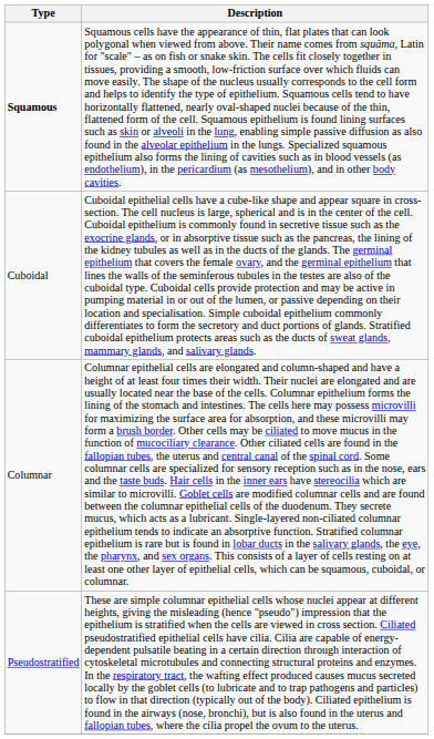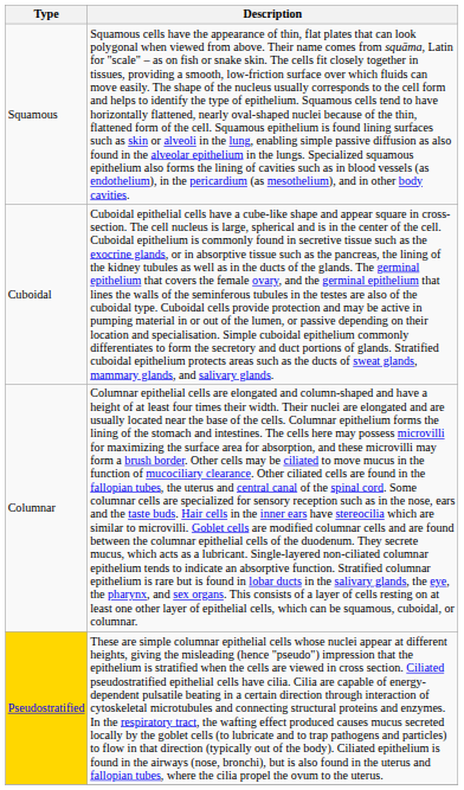 <table class="wikitable">
 <tr>
 <th>Type</th>
 <th>Description</th>
 </tr>
 <tr>
-<td><strong>Squamous</strong></td>
+<td>Squamous</td>
 <td>Squamous cells have the appearance of thin, flat plates that can look polygonal when viewed from above. Their name comes from  <em>squāma</em>, Latin for "scale" – as on fish or snake skin. The cells fit closely together in tissues, providing a smooth, low-friction surface over which fluids can move easily. The shape of the nucleus usually corresponds to the cell form and helps to identify the type of epithelium. Squamous cells tend to have horizontally flattened, nearly oval-shaped nuclei because of the thin, flattened form of the cell. Squamous epithelium is found lining surfaces such as <a href='#'>skin</a> or <a href='#'>alveoli</a> in the <a href='#'>lung</a>, enabling simple passive diffusion as also found in the <a href='#'>alveolar epithelium</a> in the lungs. Specialized squamous epithelium also forms the lining of cavities such as in blood vessels (as <a href='#'>endothelium</a>), in the <a href='#'>pericardium</a> (as <a href='#'>mesothelium</a>), and in other <a href='#'>body cavities</a>.</td>
 </tr>
 <tr>
 <td>Cuboidal</td>
 <td>Cuboidal epithelial cells have a cube-like shape and appear square in cross-section. The cell nucleus is large, spherical and is in the center of the cell. Cuboidal epithelium is commonly found in secretive tissue such as the <a href='#'>exocrine glands</a>, or in absorptive tissue such as the pancreas, the lining of the kidney tubules as well as in the ducts of the glands. The <a href='#'>germinal epithelium</a> that covers the female <a href='#'>ovary</a>, and the <a href='#'>germinal epithelium</a> that lines the walls of the seminferous tubules in the testes are also of the cuboidal type. Cuboidal cells provide protection and may be active in pumping material in or out of the lumen, or passive depending on their location and specialisation. Simple cuboidal epithelium commonly differentiates to form the secretory and duct portions of glands. Stratified cuboidal epithelium protects areas such as the ducts of <a href='#'>sweat glands</a>, <a href='#'>mammary glands</a>, and <a href='#'>salivary glands</a>.</td>
 </tr>
 <tr>
 <td>Columnar</td>
 <td>Columnar epithelial cells are elongated and column-shaped and have a height of at least four times their width. Their nuclei are elongated and are usually located near the base of the cells. Columnar epithelium forms the lining of the stomach and intestines. The cells here may possess <a href='#'>microvilli</a> for maximizing the surface area for absorption, and these microvilli may form a <a href='#'>brush border</a>. Other cells may be <a href='#'>ciliated</a> to move mucus in the function of <a href='#'>mucociliary clearance</a>. Other ciliated cells are found in the <a href='#'>fallopian tubes</a>, the uterus and <a href='#'>central canal</a> of the <a href='#'>spinal cord</a>.  Some columnar cells are specialized for sensory reception such as in the nose, ears and the <a href='#'>taste buds</a>. <a href='#'>Hair cells</a> in the <a href='#'>inner ears</a> have <a href='#'>stereocilia</a> which are similar to microvilli. <a href='#'>Goblet cells</a> are modified columnar cells and are found between the columnar epithelial cells of the duodenum. They secrete mucus, which acts as a lubricant. Single-layered non-ciliated columnar epithelium tends to indicate an absorptive function. Stratified columnar epithelium is rare but is found in <a href='#'>lobar ducts</a> in the <a href='#'>salivary glands</a>, the <a href='#'>eye</a>, the <a href='#'>pharynx</a>, and <a href='#'>sex organs</a>. This consists of a layer of cells resting on at least one other layer of epithelial cells, which can be squamous, cuboidal, or columnar.</td>
 </tr>
 <tr>
-<td><a href='#'>Pseudostratified</a></td>
+<td style="background: gold;"><a href='#'>Pseudostratified</a></td>
 <td>These are simple columnar epithelial cells whose nuclei appear at different heights, giving the misleading (hence "pseudo") impression that the epithelium is stratified when the cells are viewed in cross section. <a href='#'>Ciliated</a> pseudostratified epithelial cells have cilia. Cilia are capable of energy-dependent pulsatile beating in a certain direction through interaction of cytoskeletal microtubules and connecting structural proteins and enzymes. In the <a href='#'>respiratory tract</a>, the wafting effect produced causes mucus secreted locally by the goblet cells (to lubricate and to trap pathogens and particles) to flow in that direction (typically out of the body). Ciliated epithelium is found in the airways (nose, bronchi), but is also found in the uterus and <a href='#'>fallopian tubes</a>, where the cilia propel the ovum to the uterus.</td>
 </tr>
 <tr>
 </tr>
 </table>
